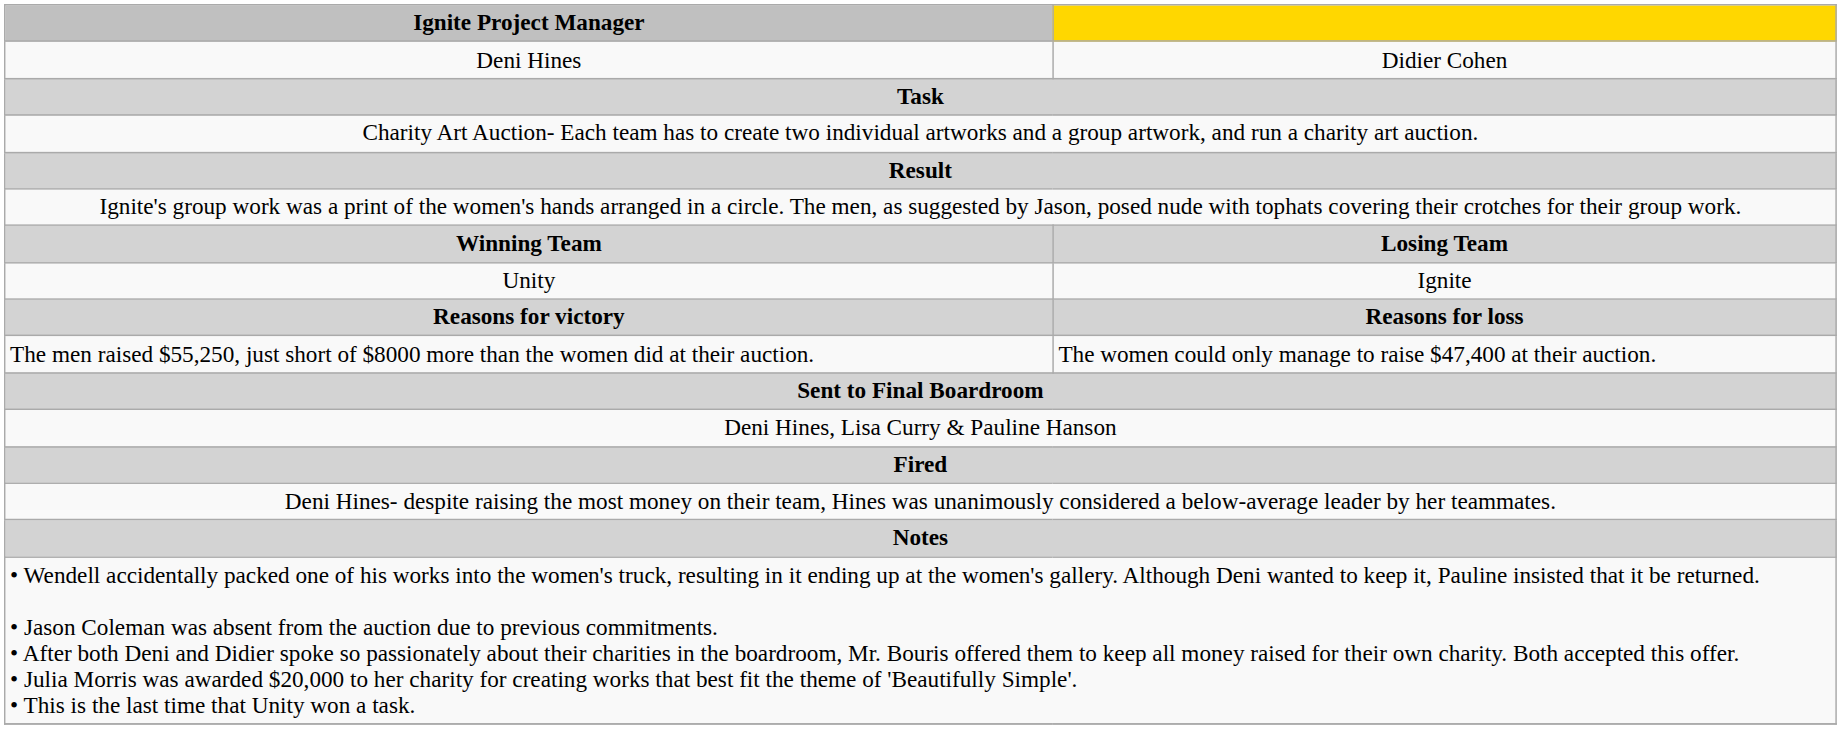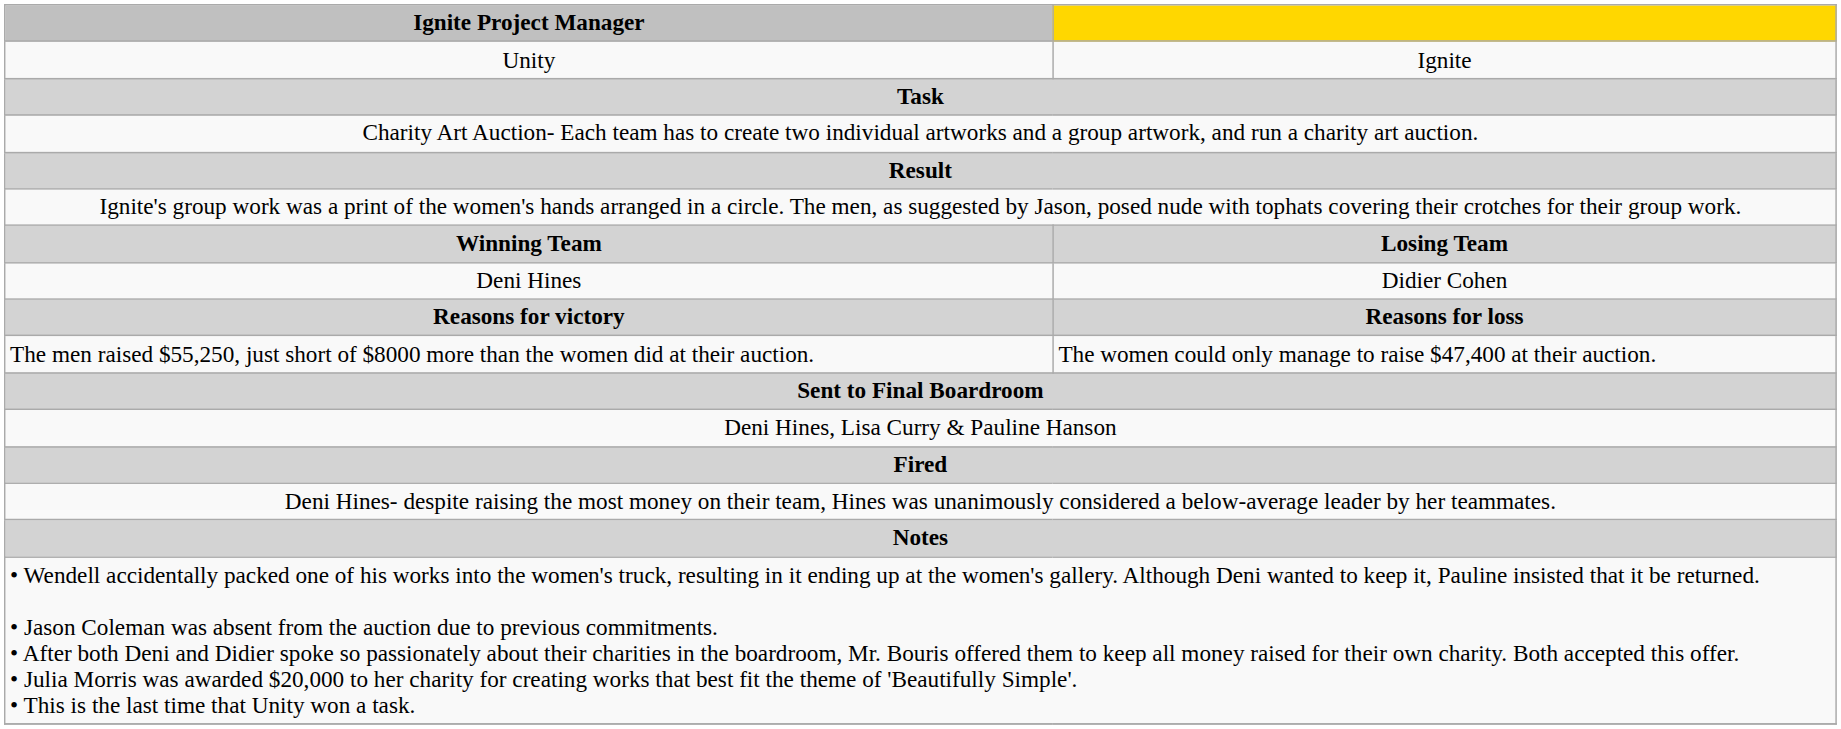 <table class="wikitable" style="text-align: center; width:100%">
 <tr>
 <th style="text-align:center; background:silver;">Ignite Project Manager</th>
 <th style="text-align:center; background:gold;"></th>
 </tr>
 <tr>
-<td>Deni Hines</td>
-<td>Didier Cohen</td>
+<td>Unity</td>
+<td>Ignite</td>
 </tr>
 <tr>
 <th colspan="2" style="text-align:center; background:lightgrey;">Task</th>
 </tr>
 <tr>
 <td colspan="2">Charity Art Auction- Each team has to create two individual artworks and a group artwork, and run a charity art auction.</td>
 </tr>
 <tr>
 <th colspan="2" style="text-align:center; background:lightgrey;">Result</th>
 </tr>
 <tr>
 <td colspan="2">Ignite's group work was a print of the women's hands arranged in a circle. The men, as suggested by Jason, posed nude with tophats covering their crotches for their group work.</td>
 </tr>
 <tr>
 <th style="text-align:center; background:lightgrey;">Winning Team</th>
 <th style="text-align:center; background:lightgrey;">Losing Team</th>
 </tr>
 <tr>
-<td>Unity</td>
-<td>Ignite</td>
+<td>Deni Hines</td>
+<td>Didier Cohen</td>
 </tr>
 <tr>
 <th style="text-align:center; background:lightgrey;">Reasons for victory</th>
 <th style="text-align:center; background:lightgrey;">Reasons for loss</th>
 </tr>
 <tr style="text-align: left;">
 <td>The men raised $55,250, just short of $8000 more than the women did at their auction.</td>
 <td>The women could only manage to raise $47,400 at their auction.</td>
 </tr>
 <tr>
 <th colspan="2" style="text-align:center; background:lightgrey;">Sent to Final Boardroom</th>
 </tr>
 <tr>
 <td colspan="2">Deni Hines, Lisa Curry & Pauline Hanson</td>
 </tr>
 <tr>
 <th colspan="2" style="text-align:center; background:lightgrey;">Fired</th>
 </tr>
 <tr>
 <td colspan="2">Deni Hines- despite raising the most money on their team, Hines was unanimously considered a below-average leader by her teammates.</td>
 </tr>
 <tr>
 <th colspan="2" style="text-align:center; background:lightgrey;">Notes</th>
 </tr>
 <tr style="text-align: left;">
 <td colspan="2">• Wendell accidentally packed one of his works into the women's truck, resulting in it ending up at the women's gallery. Although Deni wanted to keep it, Pauline insisted that it be returned.<br><br>• Jason Coleman was absent from the auction due to previous commitments.<br> • After both Deni and Didier spoke so passionately about their charities in the boardroom, Mr. Bouris offered them to keep all money raised for their own charity. Both accepted this offer.<br> • Julia Morris was awarded $20,000 to her charity for creating works that best fit the theme of 'Beautifully Simple'.<br>  • This is the last time that Unity won a task.</td>
 </tr>
 <tr>
 </tr>
 </table>
